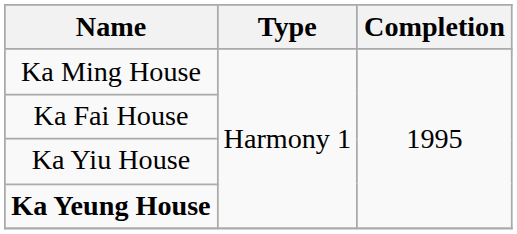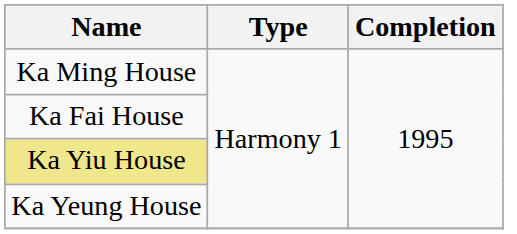 <table class="wikitable" style="text-align: center">
 <tr>
 <th>Name</th>
 <th>Type</th>
 <th>Completion</th>
 </tr>
 <tr>
 <td>Ka Ming House</td>
 <td rowspan="4">Harmony 1</td>
 <td rowspan="4">1995</td>
 </tr>
 <tr>
 <td>Ka Fai House</td>
 </tr>
 <tr>
-<td>Ka Yiu House</td>
+<td style="background: khaki;">Ka Yiu House</td>
 </tr>
 <tr>
-<td><strong>Ka Yeung House</strong></td>
+<td>Ka Yeung House</td>
 </tr>
 <tr>
 </tr>
 </table>
